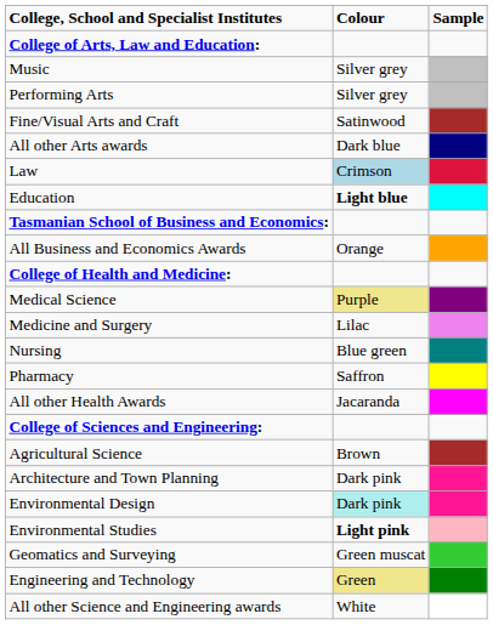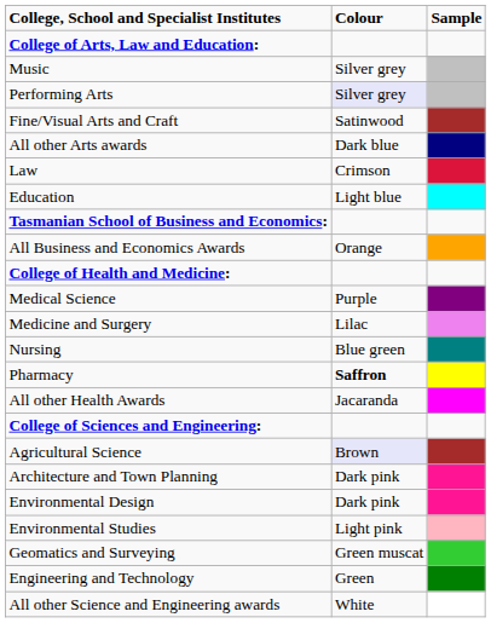 <table class="wikitable">
 <tr valign="top">
 <td><strong>College, School and Specialist Institutes</strong></td>
 <td><strong>Colour</strong></td>
 <td><strong>Sample</strong></td>
 </tr>
 <tr valign="top">
 <td><strong><a href='#'>College of Arts, Law and Education</a>:</strong></td>
 <td></td>
 </tr>
 <tr valign="top">
 <td>Music</td>
 <td>Silver grey</td>
 <td style="background:silver;"></td>
 </tr>
 <tr valign="top">
 <td>Performing Arts</td>
-<td>Silver grey</td>
+<td style="background: lavender;">Silver grey</td>
 <td style="background:silver;"></td>
 </tr>
 <tr valign="top">
 <td>Fine/Visual Arts and Craft</td>
 <td>Satinwood</td>
 <td style="background:brown;"></td>
 </tr>
 <tr valign="top">
 <td>All other Arts awards</td>
 <td>Dark blue</td>
 <td style="background:navy;"></td>
 </tr>
 <tr valign="top">
 <td>Law</td>
-<td style="background: lightblue;">Crimson</td>
+<td>Crimson</td>
 <td style="background:#DC143C;"></td>
 </tr>
 <tr valign="top">
 <td>Education</td>
-<td><strong>Light blue</strong></td>
+<td>Light blue</td>
 <td style="background:Aqua;"></td>
 </tr>
 <tr valign="top">
 <td><strong><a href='#'>Tasmanian School of Business and Economics</a>:</strong></td>
 <td></td>
 </tr>
 <tr valign="top">
 <td>All Business and Economics Awards</td>
 <td>Orange</td>
 <td style="background:#FFA500;"></td>
 </tr>
 <tr valign="top">
 <td><strong><a href='#'>College of Health and Medicine</a>:</strong></td>
 <td></td>
 </tr>
 <tr valign="top">
 <td>Medical Science</td>
-<td style="background: khaki;">Purple</td>
+<td>Purple</td>
 <td style="background:Purple;"></td>
 </tr>
 <tr valign="top">
 <td>Medicine and Surgery</td>
 <td>Lilac</td>
 <td style="background:#EE82EE;"></td>
 </tr>
 <tr valign="top">
 <td>Nursing</td>
 <td>Blue green</td>
 <td style="background:teal;"></td>
 </tr>
 <tr valign="top">
 <td>Pharmacy</td>
-<td>Saffron</td>
+<td><strong>Saffron</strong></td>
 <td style="background:yellow;"></td>
 </tr>
 <tr valign="top">
 <td>All other Health Awards</td>
 <td>Jacaranda</td>
 <td style="background:Fuchsia;"></td>
 </tr>
 <tr valign="top">
 <td><strong><a href='#'>College of Sciences and Engineering</a>:</strong></td>
 <td></td>
 </tr>
 <tr valign="top">
 <td>Agricultural Science</td>
-<td>Brown</td>
+<td style="background: lavender;">Brown</td>
 <td style="background:brown;"></td>
 </tr>
 <tr valign="top">
 <td>Architecture and Town Planning</td>
 <td>Dark pink</td>
 <td style="background:#FF1493;"></td>
 </tr>
 <tr valign="top">
 <td>Environmental Design</td>
-<td style="background: paleturquoise;">Dark pink</td>
+<td>Dark pink</td>
 <td style="background:#FF1493;"></td>
 </tr>
 <tr valign="top">
 <td>Environmental Studies</td>
-<td><strong>Light pink</strong></td>
+<td>Light pink</td>
 <td style="background:#FFB6C1;"></td>
 </tr>
 <tr valign="top">
 <td>Geomatics and Surveying</td>
 <td>Green muscat</td>
 <td style="background:#32CD32;"></td>
 </tr>
 <tr valign="top">
 <td>Engineering and Technology</td>
-<td style="background: khaki;">Green</td>
+<td>Green</td>
 <td style="background:#008000;"></td>
 </tr>
 <tr valign="top">
 <td>All other Science and Engineering awards</td>
 <td>White</td>
 <td style="background:#FFFFFF;"></td>
 </tr>
 </table>
